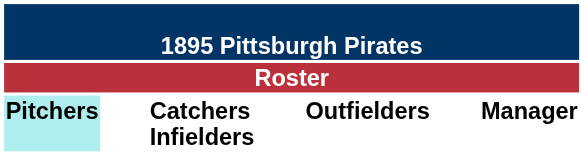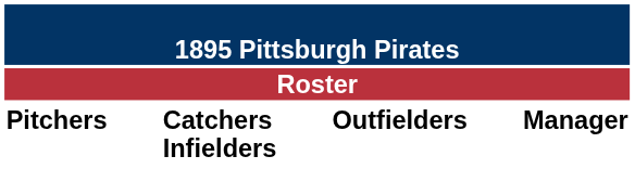 <table class="toccolours" style="font-size: 95%;">
 <tr>
 <th colspan="10" style="background-color: #023465; color: #FFFFFF; text-align: center;"><br>1895 Pittsburgh Pirates</th>
 </tr>
 <tr>
 <td colspan="10" style="background-color: #ba313c; color: white; text-align: center;"><strong>Roster</strong></td>
 </tr>
 <tr>
-<td valign="top" style="background: paleturquoise;"><strong>Pitchers</strong><br>            </td>
+<td valign="top"><strong>Pitchers</strong><br>            </td>
 <td width="25px"></td>
 <td valign="top"><strong>Catchers</strong><br>    <strong>Infielders</strong>       </td>
 <td width="25px"></td>
 <td valign="top"><strong>Outfielders</strong><br>   </td>
 <td width="25px"></td>
 <td valign="top"><strong>Manager</strong><br></td>
 </tr>
 </table>
